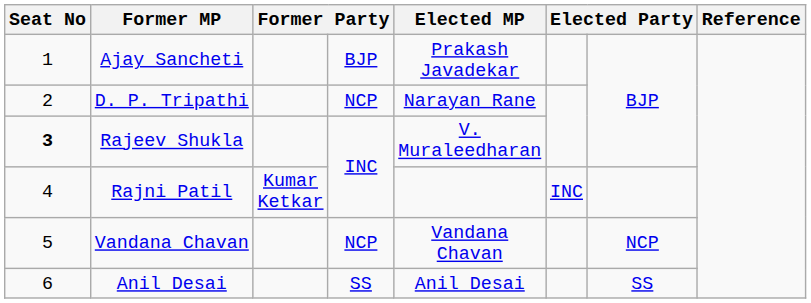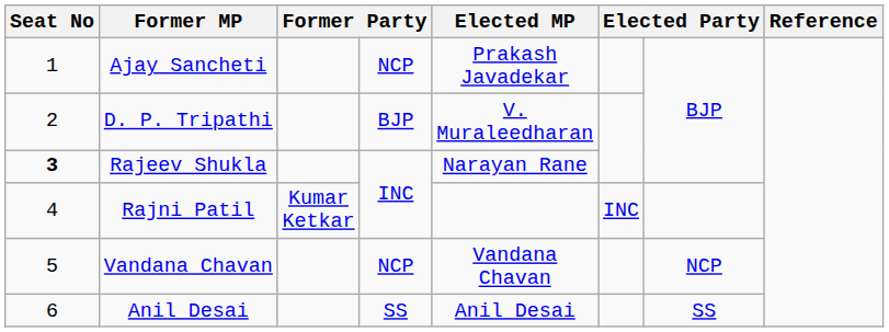 <table class="wikitable">
 <tr>
 <th>Seat No</th>
 <th>Former MP</th>
 <th colspan=2>Former Party</th>
 <th>Elected MP</th>
 <th colspan=2>Elected Party</th>
 <th>Reference</th>
 </tr>
 <tr style="text-align:center;">
 <td>1</td>
 <td><a href='#'>Ajay Sancheti</a></td>
 <td width="1px"></td>
-<td><a href='#'>BJP</a></td>
+<td><a href='#'>NCP</a></td>
 <td><a href='#'>Prakash Javadekar</a></td>
 <td width="1px"></td>
 <td rowspan=3><a href='#'>BJP</a></td>
 <td rowspan=6></td>
 </tr>
 <tr style="text-align:center;">
 <td>2</td>
 <td><a href='#'>D. P. Tripathi</a></td>
 <td width="1px"></td>
-<td><a href='#'>NCP</a></td>
-<td><a href='#'>Narayan Rane</a></td>
+<td><a href='#'>BJP</a></td>
+<td><a href='#'>V. Muraleedharan</a></td>
 </tr>
 <tr style="text-align:center;">
 <td><strong>3</strong></td>
 <td><a href='#'>Rajeev Shukla</a></td>
 <td width="1px"></td>
 <td rowspan=2><a href='#'>INC</a></td>
-<td><a href='#'>V. Muraleedharan</a></td>
+<td><a href='#'>Narayan Rane</a></td>
 </tr>
 <tr style="text-align:center;">
 <td>4</td>
 <td><a href='#'>Rajni Patil</a></td>
 <td><a href='#'>Kumar Ketkar</a></td>
 <td width="1px"></td>
 <td><a href='#'>INC</a></td>
 </tr>
 <tr style="text-align:center;">
 <td>5</td>
 <td><a href='#'>Vandana Chavan</a></td>
 <td width="1px"></td>
 <td><a href='#'>NCP</a></td>
 <td><a href='#'>Vandana Chavan</a></td>
 <td width="1px"></td>
 <td><a href='#'>NCP</a></td>
 </tr>
 <tr style="text-align:center;">
 <td>6</td>
 <td><a href='#'>Anil Desai</a></td>
 <td width="1px"></td>
 <td><a href='#'>SS</a></td>
 <td><a href='#'>Anil Desai</a></td>
 <td width="1px"></td>
 <td><a href='#'>SS</a></td>
 </tr>
 </table>
